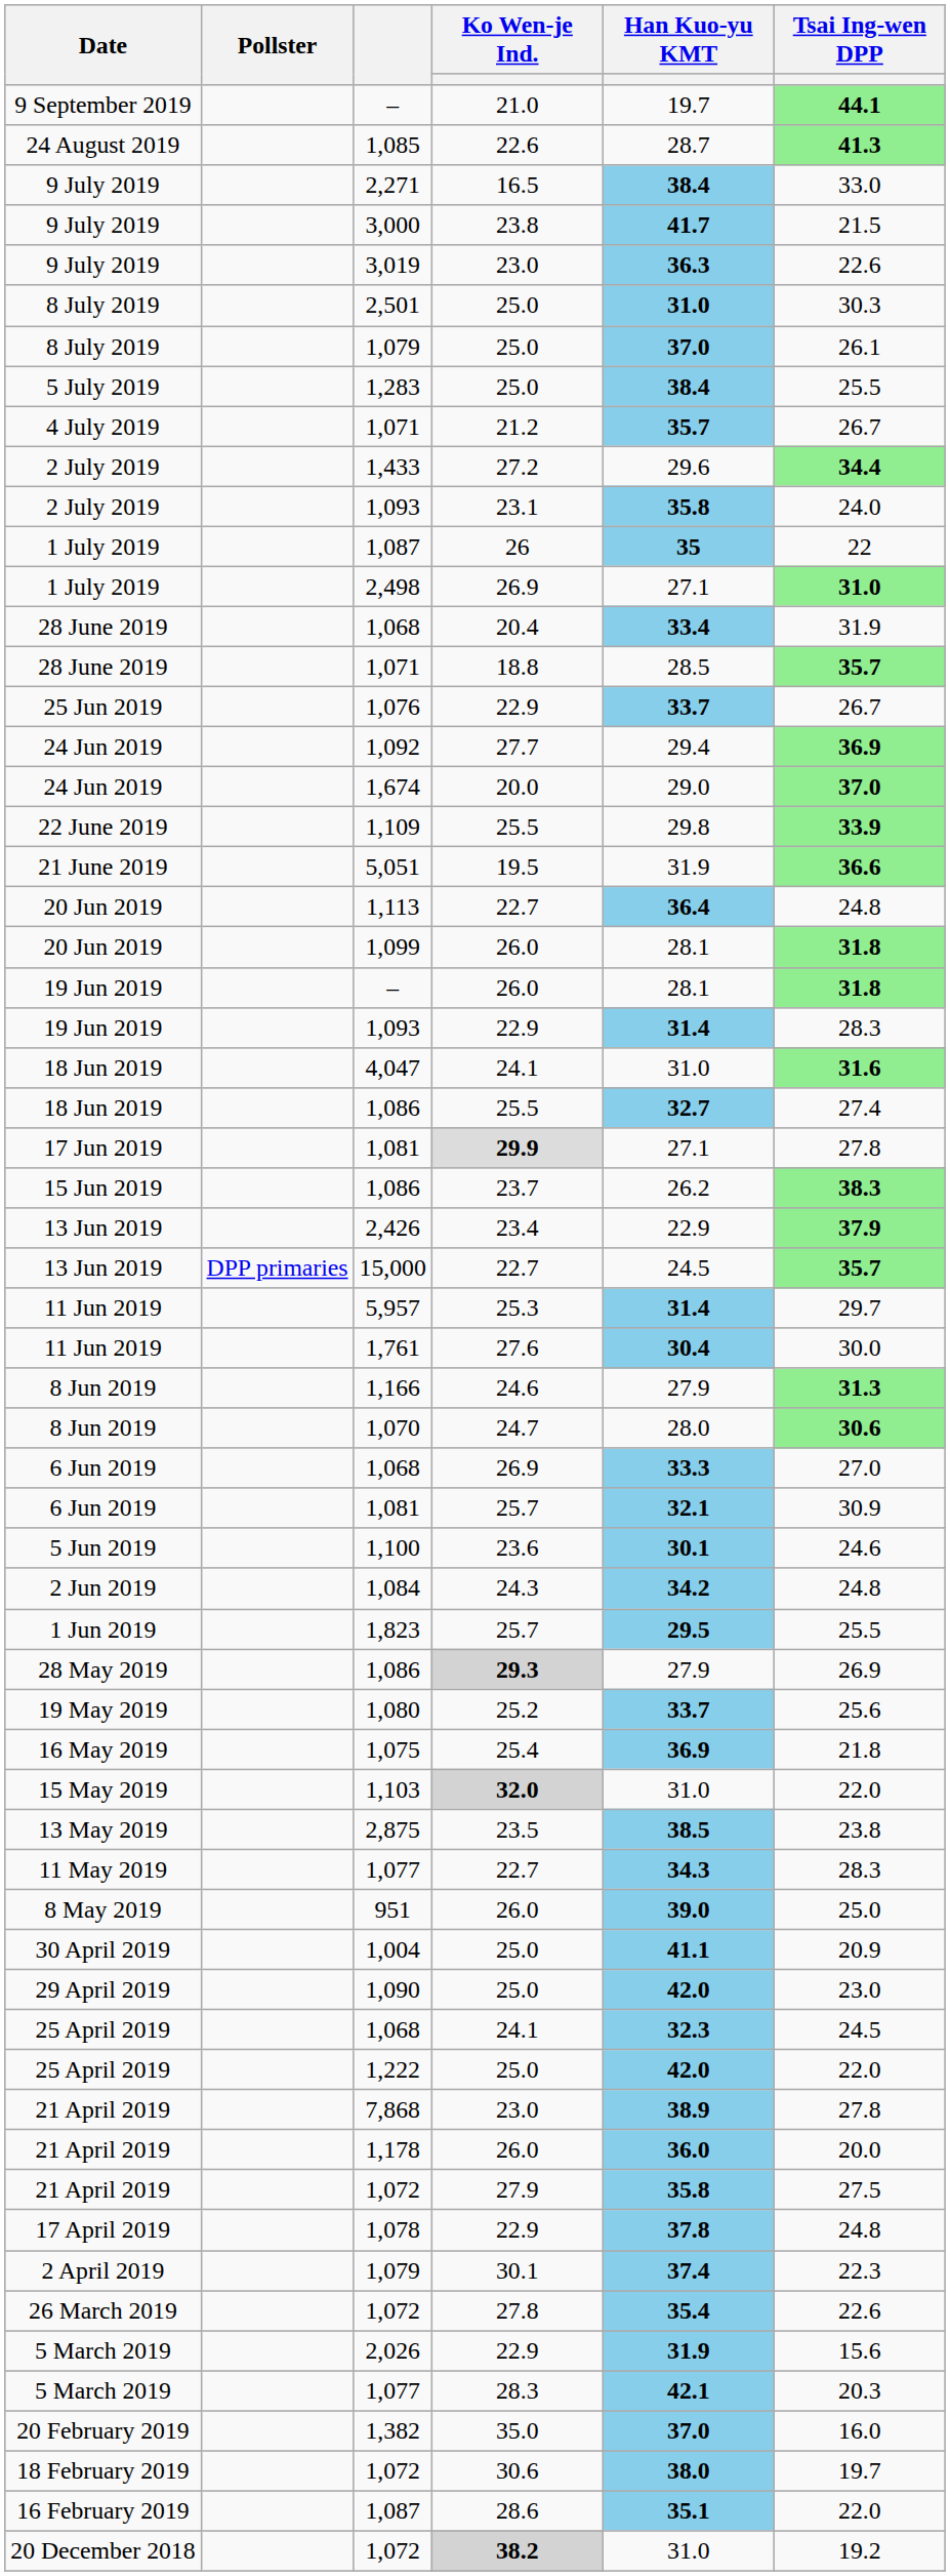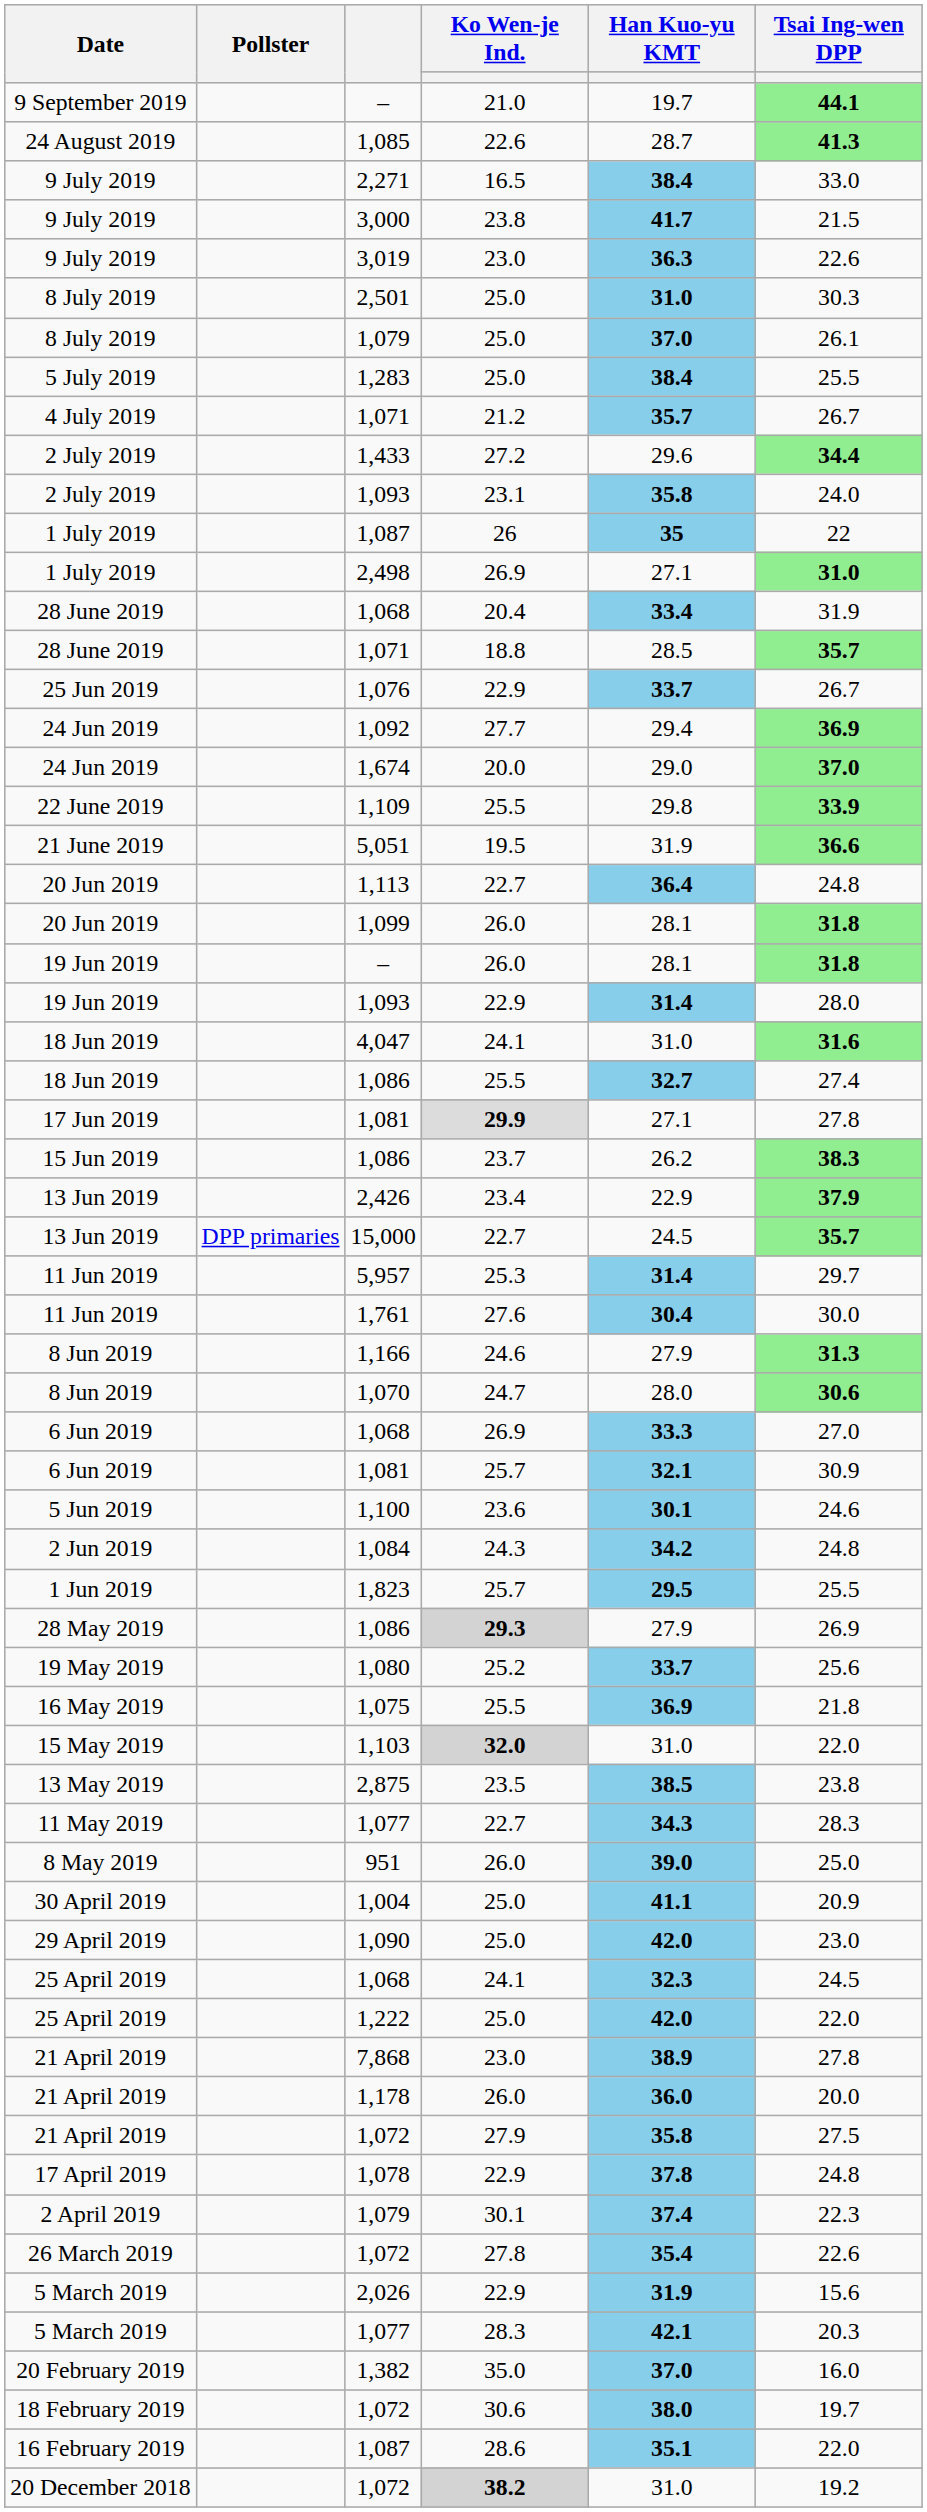 <table class="wikitable sortable collapsible" style="font-size:95%; text-align:center">
 <tr>
 <th rowspan=2>Date</th>
 <th rowspan=2>Pollster</th>
 <th rowspan=2></th>
 <th width=100px><a href='#'>Ko Wen-je</a><br><a href='#'>Ind.</a></th>
 <th width=100px><a href='#'>Han Kuo-yu</a><br><a href='#'>KMT</a></th>
 <th width=100px><a href='#'>Tsai Ing-wen</a><br><a href='#'>DPP</a></th>
 </tr>
 <tr>
 <th style="background:"></th>
 <th style="background:"></th>
 <th style="background:"></th>
 </tr>
 <tr>
 <td>9 September 2019</td>
 <td></td>
 <td>–</td>
 <td>21.0</td>
 <td>19.7</td>
 <td bgcolor="#90ee90"><strong>44.1</strong></td>
 </tr>
 <tr>
 <td>24 August 2019</td>
 <td></td>
 <td>1,085</td>
 <td>22.6</td>
 <td>28.7</td>
 <td bgcolor="#90ee90"><strong>41.3</strong></td>
 </tr>
 <tr>
 <td>9 July 2019</td>
 <td></td>
 <td>2,271</td>
 <td>16.5</td>
 <td bgcolor="#87ceeb"><strong>38.4</strong></td>
 <td>33.0</td>
 </tr>
 <tr>
 <td>9 July 2019</td>
 <td></td>
 <td>3,000</td>
 <td>23.8</td>
 <td bgcolor="#87ceeb"><strong>41.7</strong></td>
 <td>21.5</td>
 </tr>
 <tr>
 <td>9 July 2019</td>
 <td></td>
 <td>3,019</td>
 <td>23.0</td>
 <td bgcolor="#87ceeb"><strong>36.3</strong></td>
 <td>22.6</td>
 </tr>
 <tr>
 <td>8 July 2019</td>
 <td></td>
 <td>2,501</td>
 <td>25.0</td>
 <td bgcolor="#87ceeb"><strong>31.0</strong></td>
 <td>30.3</td>
 </tr>
 <tr>
 <td>8 July 2019</td>
 <td></td>
 <td>1,079</td>
 <td>25.0</td>
 <td bgcolor="#87ceeb"><strong>37.0</strong></td>
 <td>26.1</td>
 </tr>
 <tr>
 <td>5 July 2019</td>
 <td></td>
 <td>1,283</td>
 <td>25.0</td>
 <td bgcolor="#87ceeb"><strong>38.4</strong></td>
 <td>25.5</td>
 </tr>
 <tr>
 <td>4 July 2019</td>
 <td></td>
 <td>1,071</td>
 <td>21.2</td>
 <td bgcolor="#87ceeb"><strong>35.7</strong></td>
 <td>26.7</td>
 </tr>
 <tr>
 <td>2 July 2019</td>
 <td></td>
 <td>1,433</td>
 <td>27.2</td>
 <td>29.6</td>
 <td bgcolor="#90ee90"><strong>34.4</strong></td>
 </tr>
 <tr>
 <td>2 July 2019</td>
 <td></td>
 <td>1,093</td>
 <td>23.1</td>
 <td bgcolor="#87ceeb"><strong>35.8</strong></td>
 <td>24.0</td>
 </tr>
 <tr>
 <td>1 July 2019</td>
 <td></td>
 <td>1,087</td>
 <td>26</td>
 <td bgcolor="#87ceeb"><strong>35</strong></td>
 <td>22</td>
 </tr>
 <tr>
 <td>1 July 2019</td>
 <td></td>
 <td>2,498</td>
 <td>26.9</td>
 <td>27.1</td>
 <td bgcolor="#90ee90"><strong>31.0</strong></td>
 </tr>
 <tr>
 <td>28 June 2019</td>
 <td></td>
 <td>1,068</td>
 <td>20.4</td>
 <td bgcolor="#87ceeb"><strong>33.4</strong></td>
 <td>31.9</td>
 </tr>
 <tr>
 <td>28 June 2019</td>
 <td></td>
 <td>1,071</td>
 <td>18.8</td>
 <td>28.5</td>
 <td bgcolor="#90ee90"><strong>35.7</strong></td>
 </tr>
 <tr>
 <td>25 Jun 2019</td>
 <td></td>
 <td>1,076</td>
 <td>22.9</td>
 <td bgcolor="#87ceeb"><strong>33.7</strong></td>
 <td>26.7</td>
 </tr>
 <tr>
 <td>24 Jun 2019</td>
 <td></td>
 <td>1,092</td>
 <td>27.7</td>
 <td>29.4</td>
 <td bgcolor="#90ee90"><strong>36.9</strong></td>
 </tr>
 <tr>
 <td>24 Jun 2019</td>
 <td></td>
 <td>1,674</td>
 <td>20.0</td>
 <td>29.0</td>
 <td bgcolor="#90ee90"><strong>37.0</strong></td>
 </tr>
 <tr>
 <td>22 June 2019</td>
 <td></td>
 <td>1,109</td>
 <td>25.5</td>
 <td>29.8</td>
 <td bgcolor="#90ee90"><strong>33.9</strong></td>
 </tr>
 <tr>
 <td>21 June 2019</td>
 <td></td>
 <td>5,051</td>
 <td>19.5</td>
 <td>31.9</td>
 <td bgcolor="#90ee90"><strong>36.6</strong></td>
 </tr>
 <tr>
 <td>20 Jun 2019</td>
 <td></td>
 <td>1,113</td>
 <td>22.7</td>
 <td bgcolor="#87ceeb"><strong>36.4</strong></td>
 <td>24.8</td>
 </tr>
 <tr>
 <td>20 Jun 2019</td>
 <td></td>
 <td>1,099</td>
 <td>26.0</td>
 <td>28.1</td>
 <td bgcolor="#90ee90"><strong>31.8</strong></td>
 </tr>
 <tr>
 <td>19 Jun 2019</td>
 <td></td>
 <td>–</td>
 <td>26.0</td>
 <td>28.1</td>
 <td bgcolor="#90ee90"><strong>31.8</strong></td>
 </tr>
 <tr>
 <td>19 Jun 2019</td>
 <td></td>
 <td>1,093</td>
 <td>22.9</td>
 <td bgcolor="#87ceeb"><strong>31.4</strong></td>
-<td>28.3</td>
+<td>28.0</td>
 </tr>
 <tr>
 <td>18 Jun 2019</td>
 <td></td>
 <td>4,047</td>
 <td>24.1</td>
 <td>31.0</td>
 <td bgcolor="#90ee90"><strong>31.6</strong></td>
 </tr>
 <tr>
 <td>18 Jun 2019</td>
 <td></td>
 <td>1,086</td>
 <td>25.5</td>
 <td bgcolor="#87ceeb"><strong>32.7</strong></td>
 <td>27.4</td>
 </tr>
 <tr>
 <td>17 Jun 2019</td>
 <td></td>
 <td>1,081</td>
 <td bgcolor="#dcdcdc"><strong>29.9</strong></td>
 <td>27.1</td>
 <td>27.8</td>
 </tr>
 <tr>
 <td>15 Jun 2019</td>
 <td></td>
 <td>1,086</td>
 <td>23.7</td>
 <td>26.2</td>
 <td bgcolor="#90ee90"><strong>38.3</strong></td>
 </tr>
 <tr>
 <td>13 Jun 2019</td>
 <td></td>
 <td>2,426</td>
 <td>23.4</td>
 <td>22.9</td>
 <td bgcolor="#90ee90"><strong>37.9</strong></td>
 </tr>
 <tr>
 <td>13 Jun 2019</td>
 <td><a href='#'>DPP primaries</a></td>
 <td>15,000</td>
 <td>22.7</td>
 <td>24.5</td>
 <td style="background-color:lightgreen;"><strong>35.7</strong></td>
 </tr>
 <tr>
 <td>11 Jun 2019</td>
 <td></td>
 <td>5,957</td>
 <td>25.3</td>
 <td bgcolor="#87ceeb"><strong>31.4</strong></td>
 <td>29.7</td>
 </tr>
 <tr>
 <td>11 Jun 2019</td>
 <td></td>
 <td>1,761</td>
 <td>27.6</td>
 <td bgcolor="#87ceeb"><strong>30.4</strong></td>
 <td>30.0</td>
 </tr>
 <tr>
 <td>8 Jun 2019</td>
 <td></td>
 <td>1,166</td>
 <td>24.6</td>
 <td>27.9</td>
 <td bgcolor="#90ee90"><strong>31.3</strong></td>
 </tr>
 <tr>
 <td>8 Jun 2019</td>
 <td></td>
 <td>1,070</td>
 <td>24.7</td>
 <td>28.0</td>
 <td bgcolor="#90ee90"><strong>30.6</strong></td>
 </tr>
 <tr>
 <td>6 Jun 2019</td>
 <td></td>
 <td>1,068</td>
 <td>26.9</td>
 <td bgcolor="#87ceeb"><strong>33.3</strong></td>
 <td>27.0</td>
 </tr>
 <tr>
 <td>6 Jun 2019</td>
 <td></td>
 <td>1,081</td>
 <td>25.7</td>
 <td bgcolor="#87ceeb"><strong>32.1</strong></td>
 <td>30.9</td>
 </tr>
 <tr>
 <td>5 Jun 2019</td>
 <td></td>
 <td>1,100</td>
 <td>23.6</td>
 <td bgcolor="#87ceeb"><strong>30.1</strong></td>
 <td>24.6</td>
 </tr>
 <tr>
 <td>2 Jun 2019</td>
 <td></td>
 <td>1,084</td>
 <td>24.3</td>
 <td style="background-color:skyblue;"><strong>34.2</strong></td>
 <td>24.8</td>
 </tr>
 <tr>
 <td>1 Jun 2019</td>
 <td></td>
 <td>1,823</td>
 <td>25.7</td>
 <td style="background-color:skyblue;"><strong>29.5</strong></td>
 <td>25.5</td>
 </tr>
 <tr>
 <td>28 May 2019</td>
 <td></td>
 <td>1,086</td>
 <td style="background-color:lightgrey;"><strong> 29.3</strong></td>
 <td>27.9</td>
 <td>26.9</td>
 </tr>
 <tr>
 <td>19 May 2019</td>
 <td></td>
 <td>1,080</td>
 <td>25.2</td>
 <td style="background-color:skyblue;"><strong>33.7</strong></td>
 <td>25.6</td>
 </tr>
 <tr>
 <td>16 May 2019</td>
 <td></td>
 <td>1,075</td>
-<td>25.4</td>
+<td>25.5</td>
 <td style="background-color:skyblue;"><strong>36.9</strong></td>
 <td>21.8</td>
 </tr>
 <tr>
 <td>15 May 2019</td>
 <td></td>
 <td>1,103</td>
 <td style="background-color:lightgrey;"><strong> 32.0</strong></td>
 <td>31.0</td>
 <td>22.0</td>
 </tr>
 <tr>
 <td>13 May 2019</td>
 <td></td>
 <td>2,875</td>
 <td>23.5</td>
 <td style="background-color:skyblue;"><strong>38.5</strong></td>
 <td>23.8</td>
 </tr>
 <tr>
 <td>11 May 2019</td>
 <td></td>
 <td>1,077</td>
 <td>22.7</td>
 <td style="background-color:skyblue;"><strong>34.3</strong></td>
 <td>28.3</td>
 </tr>
 <tr>
 <td>8 May 2019</td>
 <td></td>
 <td>951</td>
 <td>26.0</td>
 <td style="background-color:skyblue;"><strong>39.0</strong></td>
 <td>25.0</td>
 </tr>
 <tr>
 <td>30 April 2019</td>
 <td></td>
 <td>1,004</td>
 <td>25.0</td>
 <td style="background-color:skyblue;"><strong>41.1</strong></td>
 <td>20.9</td>
 </tr>
 <tr>
 <td>29 April 2019</td>
 <td></td>
 <td>1,090</td>
 <td>25.0</td>
 <td style="background-color:skyblue;"><strong>42.0</strong></td>
 <td>23.0</td>
 </tr>
 <tr>
 <td>25 April 2019</td>
 <td></td>
 <td>1,068</td>
 <td>24.1</td>
 <td style="background-color:skyblue;"><strong>32.3</strong></td>
 <td>24.5</td>
 </tr>
 <tr>
 <td>25 April 2019</td>
 <td></td>
 <td>1,222</td>
 <td>25.0</td>
 <td style="background-color:skyblue;"><strong>42.0</strong></td>
 <td>22.0</td>
 </tr>
 <tr>
 <td>21 April 2019</td>
 <td></td>
 <td>7,868</td>
 <td>23.0</td>
 <td style="background-color:skyblue;"><strong>38.9</strong></td>
 <td>27.8</td>
 </tr>
 <tr>
 <td>21 April 2019</td>
 <td></td>
 <td>1,178</td>
 <td>26.0</td>
 <td style="background-color:skyblue;"><strong>36.0</strong></td>
 <td>20.0</td>
 </tr>
 <tr>
 <td>21 April 2019</td>
 <td></td>
 <td>1,072</td>
 <td>27.9</td>
 <td style="background-color:skyblue;"><strong>35.8</strong></td>
 <td>27.5</td>
 </tr>
 <tr>
 <td>17 April 2019</td>
 <td></td>
 <td>1,078</td>
 <td>22.9</td>
 <td style="background-color:skyblue;"><strong>37.8</strong></td>
 <td>24.8</td>
 </tr>
 <tr>
 <td>2 April 2019</td>
 <td></td>
 <td>1,079</td>
 <td>30.1</td>
 <td style="background-color:skyblue;"><strong>37.4</strong></td>
 <td>22.3</td>
 </tr>
 <tr>
 <td>26 March 2019</td>
 <td></td>
 <td>1,072</td>
 <td>27.8</td>
 <td style="background-color:skyblue;"><strong>35.4</strong></td>
 <td>22.6</td>
 </tr>
 <tr>
 <td>5 March 2019</td>
 <td></td>
 <td>2,026</td>
 <td>22.9</td>
 <td style="background-color:skyblue;"><strong>31.9</strong></td>
 <td>15.6</td>
 </tr>
 <tr>
 <td>5 March 2019</td>
 <td></td>
 <td>1,077</td>
 <td>28.3</td>
 <td style="background-color:skyblue;"><strong>42.1</strong></td>
 <td>20.3</td>
 </tr>
 <tr>
 <td>20 February 2019</td>
 <td></td>
 <td>1,382</td>
 <td>35.0</td>
 <td style="background-color:skyblue;"><strong>37.0</strong></td>
 <td>16.0</td>
 </tr>
 <tr>
 <td>18 February 2019</td>
 <td></td>
 <td>1,072</td>
 <td>30.6</td>
 <td style="background-color:skyblue;"><strong>38.0</strong></td>
 <td>19.7</td>
 </tr>
 <tr>
 <td>16 February 2019</td>
 <td></td>
 <td>1,087</td>
 <td>28.6</td>
 <td style="background-color:skyblue;"><strong>35.1</strong></td>
 <td>22.0</td>
 </tr>
 <tr>
 <td>20 December 2018</td>
 <td></td>
 <td>1,072</td>
 <td style="background-color:lightgrey;"><strong>38.2</strong></td>
 <td>31.0</td>
 <td>19.2</td>
 </tr>
 </table>
